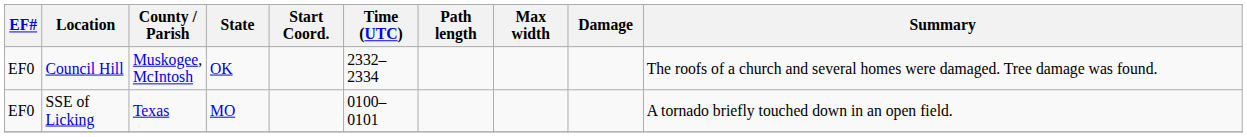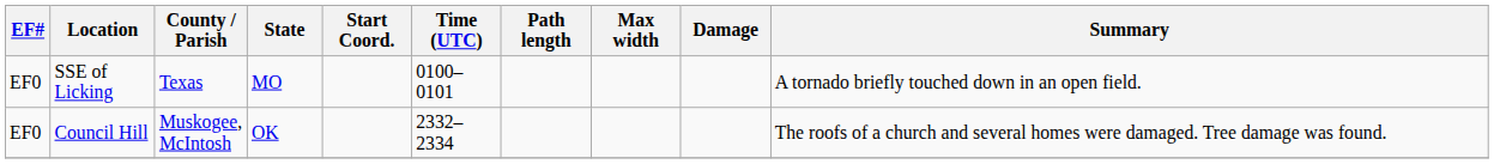 <table class="wikitable sortable" style="width:100%;">
 <tr>
 <th scope="col" width="3%" align="center"><a href='#'>EF#</a></th>
 <th scope="col" width="7%" align="center" class="unsortable">Location</th>
 <th scope="col" width="6%" align="center" class="unsortable">County / Parish</th>
 <th scope="col" width="5%" align="center">State</th>
 <th scope="col" width="6%" align="center">Start Coord.</th>
 <th scope="col" width="6%" align="center">Time (<a href='#'>UTC</a>)</th>
 <th scope="col" width="6%" align="center">Path length</th>
 <th scope="col" width="6%" align="center">Max width</th>
 <th scope="col" width="6%" align="center">Damage</th>
 <th scope="col" width="48%" class="unsortable" align="center">Summary</th>
 </tr>
 <tr>
 <td>EF0</td>
+<td>SSE of <a href='#'>Licking</a></td>
+<td><a href='#'>Texas</a></td>
+<td><a href='#'>MO</a></td>
+<td></td>
+<td>0100–0101</td>
+<td></td>
+<td></td>
+<td></td>
+<td>A tornado briefly touched down in an open field.</td>
+</tr>
+<tr>
+<td>EF0</td>
 <td><a href='#'>Council Hill</a></td>
 <td><a href='#'>Muskogee</a>, <a href='#'>McIntosh</a></td>
 <td><a href='#'>OK</a></td>
 <td></td>
 <td>2332–2334</td>
 <td></td>
 <td></td>
 <td></td>
 <td>The roofs of a church and several homes were damaged. Tree damage was found.</td>
 </tr>
 <tr>
-<td>EF0</td>
-<td>SSE of <a href='#'>Licking</a></td>
-<td><a href='#'>Texas</a></td>
-<td><a href='#'>MO</a></td>
-<td></td>
-<td>0100–0101</td>
-<td></td>
-<td></td>
-<td></td>
-<td>A tornado briefly touched down in an open field.</td>
-</tr>
-<tr>
 </tr>
 </table>
